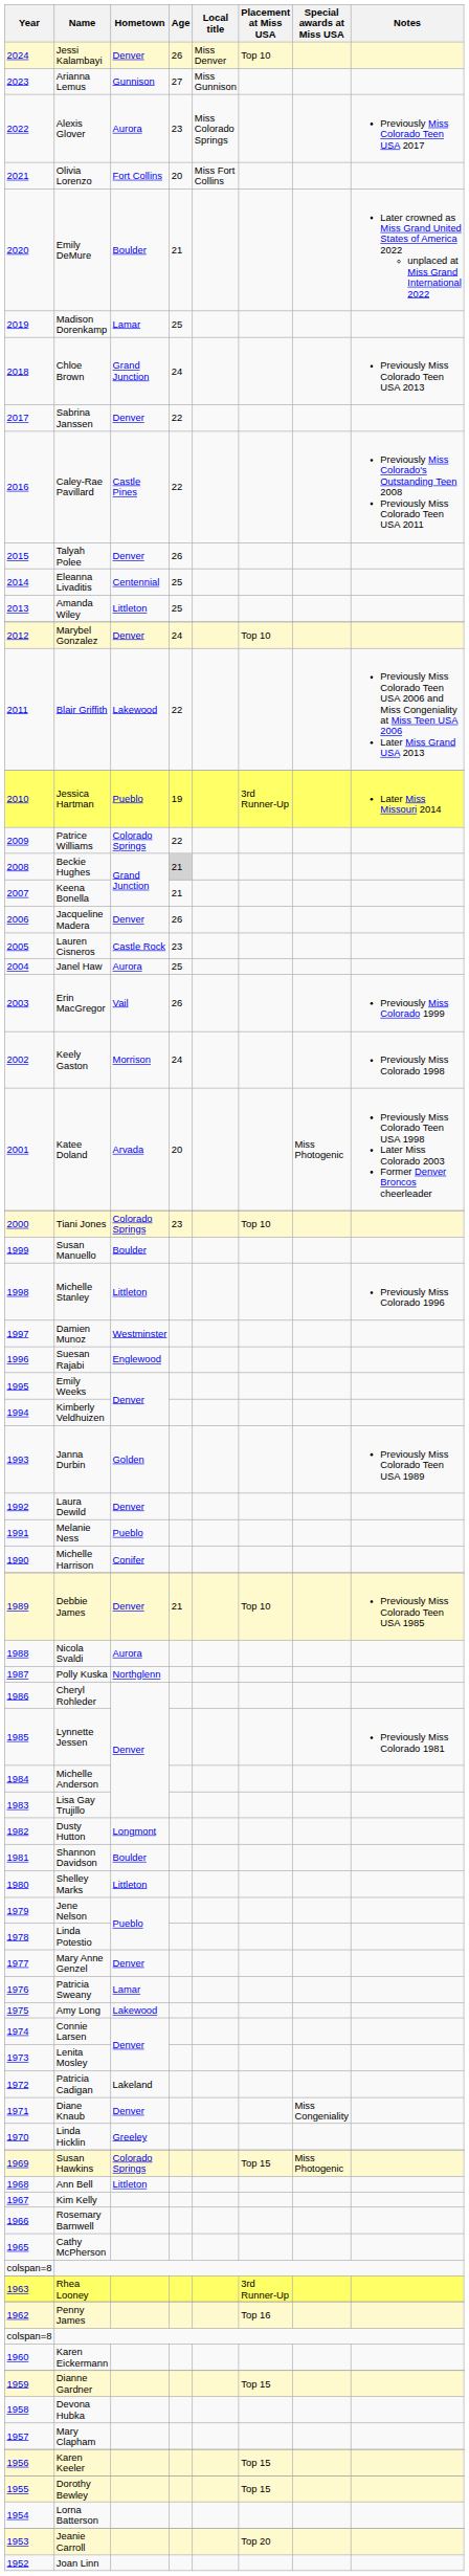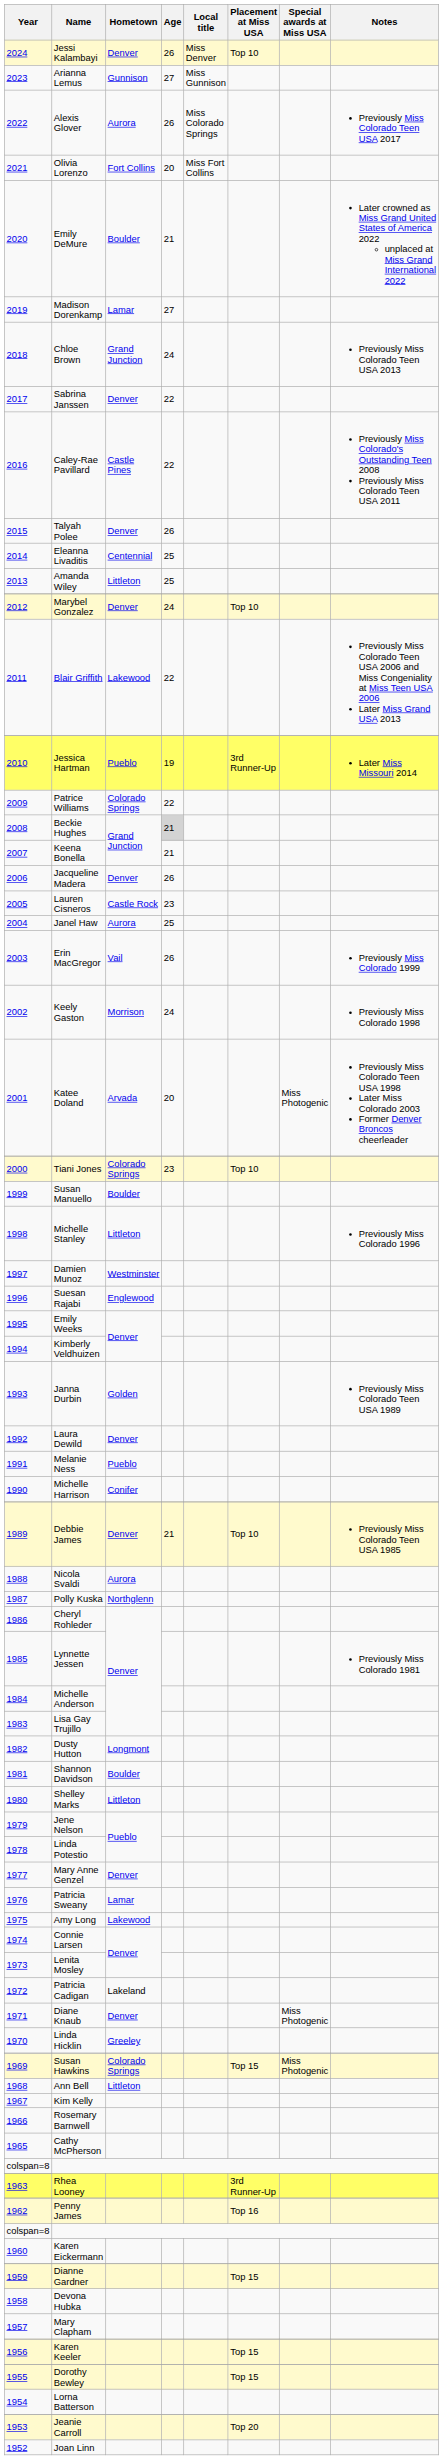 <table class="wikitable"style="font-size:90%;">
 <tr bgcolor="#efefef">
 <th width=5%>Year</th>
 <th width=20%>Name</th>
 <th width=10%>Hometown</th>
 <th width=3%>Age</th>
 <th width="12%">Local title</th>
 <th width=14%>Placement at Miss USA</th>
 <th width=17%>Special awards at Miss USA</th>
 <th width=31%>Notes</th>
 </tr>
 <tr style="background-color:#FFFACD;”">
 <td><a href='#'>2024</a></td>
 <td>Jessi Kalambayi</td>
 <td><a href='#'>Denver</a></td>
 <td>26</td>
 <td>Miss Denver</td>
 <td>Top 10</td>
 <td></td>
 <td></td>
 </tr>
 <tr>
 <td><a href='#'>2023</a></td>
 <td>Arianna Lemus</td>
 <td><a href='#'>Gunnison</a></td>
 <td>27</td>
 <td>Miss Gunnison</td>
 <td></td>
 <td></td>
 <td></td>
 </tr>
 <tr>
 <td><a href='#'>2022</a></td>
 <td>Alexis Glover</td>
 <td><a href='#'>Aurora</a></td>
-<td>23</td>
+<td>26</td>
 <td>Miss Colorado Springs</td>
 <td></td>
 <td></td>
 <td><br><ul><li>Previously <a href='#'>Miss Colorado Teen USA</a> 2017</li></ul></td>
 </tr>
 <tr>
 <td><a href='#'>2021</a></td>
 <td>Olivia Lorenzo</td>
 <td><a href='#'>Fort Collins</a></td>
 <td>20</td>
 <td>Miss Fort Collins</td>
 <td></td>
 <td></td>
 <td></td>
 </tr>
 <tr>
 <td><a href='#'>2020</a></td>
 <td>Emily DeMure</td>
 <td><a href='#'>Boulder</a></td>
 <td>21</td>
 <td></td>
 <td></td>
 <td></td>
 <td><br><ul><li>Later crowned as <a href='#'>Miss Grand United States of America</a> 2022<ul><li>unplaced at <a href='#'>Miss Grand International 2022</a></li></ul></li></ul></td>
 </tr>
 <tr>
 <td><a href='#'>2019</a></td>
 <td>Madison Dorenkamp</td>
 <td><a href='#'>Lamar</a></td>
-<td>25</td>
+<td>27</td>
 <td></td>
 <td></td>
 <td></td>
 <td></td>
 </tr>
 <tr>
 <td><a href='#'>2018</a></td>
 <td>Chloe Brown</td>
 <td><a href='#'>Grand Junction</a></td>
 <td>24</td>
 <td></td>
 <td></td>
 <td></td>
 <td><br><ul><li>Previously Miss Colorado Teen USA 2013</li></ul></td>
 </tr>
 <tr>
 <td><a href='#'>2017</a></td>
 <td>Sabrina Janssen</td>
 <td><a href='#'>Denver</a></td>
 <td>22</td>
 <td></td>
 <td></td>
 <td></td>
 <td></td>
 </tr>
 <tr>
 <td><a href='#'>2016</a></td>
 <td>Caley-Rae Pavillard</td>
 <td><a href='#'>Castle Pines</a></td>
 <td>22</td>
 <td></td>
 <td></td>
 <td></td>
 <td><br><ul><li>Previously <a href='#'>Miss Colorado's Outstanding Teen</a> 2008</li><li>Previously Miss Colorado Teen USA 2011</li></ul></td>
 </tr>
 <tr>
 <td><a href='#'>2015</a></td>
 <td>Talyah Polee</td>
 <td><a href='#'>Denver</a></td>
 <td>26</td>
 <td></td>
 <td></td>
 <td></td>
 <td></td>
 </tr>
 <tr>
 <td><a href='#'>2014</a></td>
 <td>Eleanna Livaditis</td>
 <td><a href='#'>Centennial</a></td>
 <td>25</td>
 <td></td>
 <td></td>
 <td></td>
 <td></td>
 </tr>
 <tr>
 <td><a href='#'>2013</a></td>
 <td>Amanda Wiley</td>
 <td><a href='#'>Littleton</a></td>
 <td>25</td>
 <td></td>
 <td></td>
 <td></td>
 <td></td>
 </tr>
 <tr>
 </tr>
 <tr style="background-color:#FFFACD;">
 <td><a href='#'>2012</a></td>
 <td>Marybel Gonzalez</td>
 <td><a href='#'>Denver</a></td>
 <td>24</td>
 <td></td>
 <td>Top 10</td>
 <td></td>
 <td></td>
 </tr>
 <tr>
 <td><a href='#'>2011</a></td>
 <td><a href='#'>Blair Griffith</a></td>
 <td><a href='#'>Lakewood</a></td>
 <td>22</td>
 <td></td>
 <td></td>
 <td></td>
 <td><br><ul><li>Previously Miss Colorado Teen USA 2006 and Miss Congeniality at <a href='#'>Miss Teen USA 2006</a></li><li>Later <a href='#'>Miss Grand USA</a> 2013</li></ul></td>
 </tr>
 <tr>
 </tr>
 <tr style="background-color:#FFFF66;">
 <td><a href='#'>2010</a></td>
 <td>Jessica Hartman</td>
 <td><a href='#'>Pueblo</a></td>
 <td>19</td>
 <td></td>
 <td>3rd Runner-Up</td>
 <td></td>
 <td><br><ul><li>Later <a href='#'>Miss Missouri</a> 2014</li></ul></td>
 </tr>
 <tr>
 <td><a href='#'>2009</a></td>
 <td>Patrice Williams</td>
 <td><a href='#'>Colorado Springs</a></td>
 <td>22</td>
 <td></td>
 <td></td>
 <td></td>
 <td></td>
 </tr>
 <tr>
 <td><a href='#'>2008</a></td>
 <td>Beckie Hughes </td>
 <td rowspan="2"><a href='#'>Grand Junction</a></td>
 <td style="background: lightgrey;">21</td>
 <td></td>
 <td></td>
 <td></td>
 <td></td>
 </tr>
 <tr>
 <td><a href='#'>2007</a></td>
 <td>Keena Bonella</td>
 <td>21</td>
 <td></td>
 <td></td>
 <td></td>
 <td></td>
 </tr>
 <tr>
 <td><a href='#'>2006</a></td>
 <td>Jacqueline Madera</td>
 <td><a href='#'>Denver</a></td>
 <td>26</td>
 <td></td>
 <td></td>
 <td></td>
 <td></td>
 </tr>
 <tr>
 <td><a href='#'>2005</a></td>
 <td>Lauren Cisneros</td>
 <td><a href='#'>Castle Rock</a></td>
 <td>23</td>
 <td></td>
 <td></td>
 <td></td>
 <td></td>
 </tr>
 <tr>
 <td><a href='#'>2004</a></td>
 <td>Janel Haw</td>
 <td><a href='#'>Aurora</a></td>
 <td>25</td>
 <td></td>
 <td></td>
 <td></td>
 <td></td>
 </tr>
 <tr>
 <td><a href='#'>2003</a></td>
 <td>Erin MacGregor</td>
 <td><a href='#'>Vail</a></td>
 <td>26</td>
 <td></td>
 <td></td>
 <td></td>
 <td><br><ul><li>Previously <a href='#'>Miss Colorado</a> 1999</li></ul></td>
 </tr>
 <tr>
 <td><a href='#'>2002</a></td>
 <td>Keely Gaston</td>
 <td><a href='#'>Morrison</a></td>
 <td>24</td>
 <td></td>
 <td></td>
 <td></td>
 <td><br><ul><li>Previously Miss Colorado 1998</li></ul></td>
 </tr>
 <tr>
 <td><a href='#'>2001</a></td>
 <td>Katee Doland</td>
 <td><a href='#'>Arvada</a></td>
 <td>20</td>
 <td></td>
 <td></td>
 <td>Miss Photogenic</td>
 <td><br><ul><li>Previously Miss Colorado Teen USA 1998</li><li>Later Miss Colorado 2003</li><li>Former <a href='#'>Denver Broncos</a> cheerleader</li></ul></td>
 </tr>
 <tr>
 </tr>
 <tr style="background-color:#FFFACD;">
 <td><a href='#'>2000</a></td>
 <td>Tiani Jones</td>
 <td><a href='#'>Colorado Springs</a></td>
 <td>23</td>
 <td></td>
 <td>Top 10</td>
 <td></td>
 <td></td>
 </tr>
 <tr>
 <td><a href='#'>1999</a></td>
 <td>Susan Manuello</td>
 <td><a href='#'>Boulder</a></td>
 <td></td>
 <td></td>
 <td></td>
 <td></td>
 <td></td>
 </tr>
 <tr>
 <td><a href='#'>1998</a></td>
 <td>Michelle Stanley</td>
 <td><a href='#'>Littleton</a></td>
 <td></td>
 <td></td>
 <td></td>
 <td></td>
 <td><br><ul><li>Previously Miss Colorado 1996</li></ul></td>
 </tr>
 <tr>
 <td><a href='#'>1997</a></td>
 <td>Damien Munoz</td>
 <td><a href='#'>Westminster</a></td>
 <td></td>
 <td></td>
 <td></td>
 <td></td>
 <td></td>
 </tr>
 <tr>
 <td><a href='#'>1996</a></td>
 <td>Suesan Rajabi</td>
 <td><a href='#'>Englewood</a></td>
 <td></td>
 <td></td>
 <td></td>
 <td></td>
 <td></td>
 </tr>
 <tr>
 <td><a href='#'>1995</a></td>
 <td>Emily Weeks</td>
 <td rowspan="2"><a href='#'>Denver</a></td>
 <td></td>
 <td></td>
 <td></td>
 <td></td>
 <td></td>
 </tr>
 <tr>
 <td><a href='#'>1994</a></td>
 <td>Kimberly Veldhuizen</td>
 <td></td>
 <td></td>
 <td></td>
 <td></td>
 <td></td>
 </tr>
 <tr>
 <td><a href='#'>1993</a></td>
 <td>Janna Durbin</td>
 <td><a href='#'>Golden</a></td>
 <td></td>
 <td></td>
 <td></td>
 <td></td>
 <td><br><ul><li>Previously Miss Colorado Teen USA 1989</li></ul></td>
 </tr>
 <tr>
 <td><a href='#'>1992</a></td>
 <td>Laura Dewild</td>
 <td><a href='#'>Denver</a></td>
 <td></td>
 <td></td>
 <td></td>
 <td></td>
 <td></td>
 </tr>
 <tr>
 <td><a href='#'>1991</a></td>
 <td>Melanie Ness</td>
 <td><a href='#'>Pueblo</a></td>
 <td></td>
 <td></td>
 <td></td>
 <td></td>
 <td></td>
 </tr>
 <tr>
 <td><a href='#'>1990</a></td>
 <td>Michelle Harrison</td>
 <td><a href='#'>Conifer</a></td>
 <td></td>
 <td></td>
 <td></td>
 <td></td>
 <td></td>
 </tr>
 <tr>
 </tr>
 <tr style="background-color:#FFFACD;">
 <td><a href='#'>1989</a></td>
 <td>Debbie James</td>
 <td><a href='#'>Denver</a></td>
 <td>21</td>
 <td></td>
 <td>Top 10</td>
 <td></td>
 <td><br><ul><li>Previously Miss Colorado Teen USA 1985</li></ul></td>
 </tr>
 <tr>
 <td><a href='#'>1988</a></td>
 <td>Nicola Svaldi</td>
 <td><a href='#'>Aurora</a></td>
 <td></td>
 <td></td>
 <td></td>
 <td></td>
 <td></td>
 </tr>
 <tr>
 <td><a href='#'>1987</a></td>
 <td>Polly Kuska</td>
 <td><a href='#'>Northglenn</a></td>
 <td></td>
 <td></td>
 <td></td>
 <td></td>
 <td></td>
 </tr>
 <tr>
 <td><a href='#'>1986</a></td>
 <td>Cheryl Rohleder</td>
 <td rowspan="4"><a href='#'>Denver</a></td>
 <td></td>
 <td></td>
 <td></td>
 <td></td>
 <td></td>
 </tr>
 <tr>
 <td><a href='#'>1985</a></td>
 <td>Lynnette Jessen</td>
 <td></td>
 <td></td>
 <td></td>
 <td></td>
 <td><br><ul><li>Previously Miss Colorado 1981</li></ul></td>
 </tr>
 <tr>
 <td><a href='#'>1984</a></td>
 <td>Michelle Anderson</td>
 <td></td>
 <td></td>
 <td></td>
 <td></td>
 <td></td>
 </tr>
 <tr>
 <td><a href='#'>1983</a></td>
 <td>Lisa Gay Trujillo</td>
 <td></td>
 <td></td>
 <td></td>
 <td></td>
 <td></td>
 </tr>
 <tr>
 <td><a href='#'>1982</a></td>
 <td>Dusty Hutton</td>
 <td><a href='#'>Longmont</a></td>
 <td></td>
 <td></td>
 <td></td>
 <td></td>
 <td></td>
 </tr>
 <tr>
 <td><a href='#'>1981</a></td>
 <td>Shannon Davidson</td>
 <td><a href='#'>Boulder</a></td>
 <td></td>
 <td></td>
 <td></td>
 <td></td>
 <td></td>
 </tr>
 <tr>
 <td><a href='#'>1980</a></td>
 <td>Shelley Marks</td>
 <td><a href='#'>Littleton</a></td>
 <td></td>
 <td></td>
 <td></td>
 <td></td>
 <td></td>
 </tr>
 <tr>
 <td><a href='#'>1979</a></td>
 <td>Jene Nelson</td>
 <td rowspan="2"><a href='#'>Pueblo</a></td>
 <td></td>
 <td></td>
 <td></td>
 <td></td>
 <td></td>
 </tr>
 <tr>
 <td><a href='#'>1978</a></td>
 <td>Linda Potestio</td>
 <td></td>
 <td></td>
 <td></td>
 <td></td>
 <td></td>
 </tr>
 <tr>
 <td><a href='#'>1977</a></td>
 <td>Mary Anne Genzel</td>
 <td><a href='#'>Denver</a></td>
 <td></td>
 <td></td>
 <td></td>
 <td></td>
 <td></td>
 </tr>
 <tr>
 <td><a href='#'>1976</a></td>
 <td>Patricia Sweany</td>
 <td><a href='#'>Lamar</a></td>
 <td></td>
 <td></td>
 <td></td>
 <td></td>
 <td></td>
 </tr>
 <tr>
 <td><a href='#'>1975</a></td>
 <td>Amy Long</td>
 <td><a href='#'>Lakewood</a></td>
 <td></td>
 <td></td>
 <td></td>
 <td></td>
 <td></td>
 </tr>
 <tr>
 <td><a href='#'>1974</a></td>
 <td>Connie Larsen</td>
 <td rowspan="2"><a href='#'>Denver</a></td>
 <td></td>
 <td></td>
 <td></td>
 <td></td>
 <td></td>
 </tr>
 <tr>
 <td><a href='#'>1973</a></td>
 <td>Lenita Mosley</td>
 <td></td>
 <td></td>
 <td></td>
 <td></td>
 <td></td>
 </tr>
 <tr>
 <td><a href='#'>1972</a></td>
 <td>Patricia Cadigan</td>
 <td>Lakeland</td>
 <td></td>
 <td></td>
 <td></td>
 <td></td>
 <td></td>
 </tr>
 <tr>
 <td><a href='#'>1971</a></td>
 <td>Diane Knaub</td>
 <td><a href='#'>Denver</a></td>
 <td></td>
 <td></td>
 <td></td>
-<td>Miss Congeniality</td>
+<td>Miss Photogenic</td>
 <td></td>
 </tr>
 <tr>
 <td><a href='#'>1970</a></td>
 <td>Linda Hicklin</td>
 <td><a href='#'>Greeley</a></td>
 <td></td>
 <td></td>
 <td></td>
 <td></td>
 <td></td>
 </tr>
 <tr>
 </tr>
 <tr style="background-color:#FFFACD;">
 <td><a href='#'>1969</a></td>
 <td>Susan Hawkins</td>
 <td><a href='#'>Colorado Springs</a></td>
 <td></td>
 <td></td>
 <td>Top 15</td>
 <td>Miss Photogenic</td>
 <td></td>
 </tr>
 <tr>
 <td><a href='#'>1968</a></td>
 <td>Ann Bell</td>
 <td><a href='#'>Littleton</a></td>
 <td></td>
 <td></td>
 <td></td>
 <td></td>
 <td></td>
 </tr>
 <tr>
 <td><a href='#'>1967</a></td>
 <td>Kim Kelly</td>
 <td></td>
 <td></td>
 <td></td>
 <td></td>
 <td></td>
 <td></td>
 </tr>
 <tr>
 <td><a href='#'>1966</a></td>
 <td>Rosemary Barnwell</td>
 <td></td>
 <td></td>
 <td></td>
 <td></td>
 <td></td>
 <td></td>
 </tr>
 <tr>
 <td><a href='#'>1965</a></td>
 <td>Cathy McPherson</td>
 <td></td>
 <td></td>
 <td></td>
 <td></td>
 <td></td>
 <td></td>
 </tr>
 <tr>
 <td>colspan=8 </td>
 </tr>
 <tr>
 </tr>
 <tr style="background-color:#FFFF66;">
 <td><a href='#'>1963</a></td>
 <td>Rhea Looney</td>
 <td></td>
 <td></td>
 <td></td>
 <td>3rd Runner-Up</td>
 <td></td>
 <td></td>
 </tr>
 <tr>
 </tr>
 <tr style="background-color:#FFFACD;">
 <td><a href='#'>1962</a></td>
 <td>Penny James</td>
 <td></td>
 <td></td>
 <td></td>
 <td>Top 16</td>
 <td></td>
 <td></td>
 </tr>
 <tr>
 <td>colspan=8 </td>
 </tr>
 <tr>
 <td><a href='#'>1960</a></td>
 <td>Karen Eickermann</td>
 <td></td>
 <td></td>
 <td></td>
 <td></td>
 <td></td>
 <td></td>
 </tr>
 <tr>
 </tr>
 <tr style="background-color:#FFFACD;">
 <td><a href='#'>1959</a></td>
 <td>Dianne Gardner</td>
 <td></td>
 <td></td>
 <td></td>
 <td>Top 15</td>
 <td></td>
 <td></td>
 </tr>
 <tr>
 <td><a href='#'>1958</a></td>
 <td>Devona Hubka</td>
 <td></td>
 <td></td>
 <td></td>
 <td></td>
 <td></td>
 <td></td>
 </tr>
 <tr>
 <td><a href='#'>1957</a></td>
 <td>Mary Clapham</td>
 <td></td>
 <td></td>
 <td></td>
 <td></td>
 <td></td>
 <td></td>
 </tr>
 <tr>
 </tr>
 <tr style="background-color:#FFFACD;">
 <td><a href='#'>1956</a></td>
 <td>Karen Keeler</td>
 <td></td>
 <td></td>
 <td></td>
 <td>Top 15</td>
 <td></td>
 <td></td>
 </tr>
 <tr>
 </tr>
 <tr style="background-color:#FFFACD;">
 <td><a href='#'>1955</a></td>
 <td>Dorothy Bewley</td>
 <td></td>
 <td></td>
 <td></td>
 <td>Top 15</td>
 <td></td>
 <td></td>
 </tr>
 <tr>
 <td><a href='#'>1954</a></td>
 <td>Lorna Batterson</td>
 <td></td>
 <td></td>
 <td></td>
 <td></td>
 <td></td>
 <td></td>
 </tr>
 <tr>
 </tr>
 <tr style="background-color:#FFFACD;">
 <td><a href='#'>1953</a></td>
 <td>Jeanie Carroll</td>
 <td></td>
 <td></td>
 <td></td>
 <td>Top 20</td>
 <td></td>
 <td></td>
 </tr>
 <tr>
 <td><a href='#'>1952</a></td>
 <td>Joan Linn</td>
 <td></td>
 <td></td>
 <td></td>
 <td></td>
 <td></td>
 <td></td>
 </tr>
 </table>
